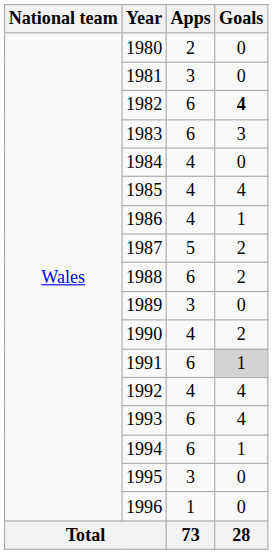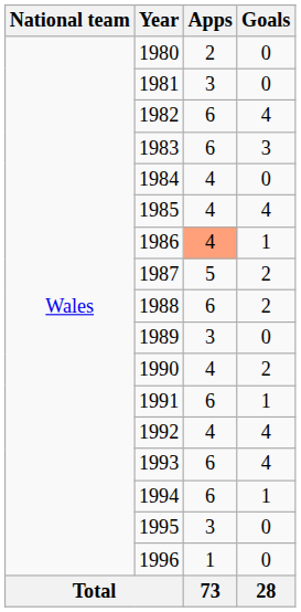 <table class="wikitable" style="text-align: center;">
 <tr>
 <th>National team</th>
 <th>Year</th>
 <th>Apps</th>
 <th>Goals</th>
 </tr>
 <tr>
 <td rowspan="17"><a href='#'>Wales</a></td>
 <td>1980</td>
 <td>2</td>
 <td>0</td>
 </tr>
 <tr>
 <td>1981</td>
 <td>3</td>
 <td>0</td>
 </tr>
 <tr>
 <td>1982</td>
 <td>6</td>
-<td><strong>4</strong></td>
+<td>4</td>
 </tr>
 <tr>
 <td>1983</td>
 <td>6</td>
 <td>3</td>
 </tr>
 <tr>
 <td>1984</td>
 <td>4</td>
 <td>0</td>
 </tr>
 <tr>
 <td>1985</td>
 <td>4</td>
 <td>4</td>
 </tr>
 <tr>
 <td>1986</td>
-<td>4</td>
+<td style="background: lightsalmon;">4</td>
 <td>1</td>
 </tr>
 <tr>
 <td>1987</td>
 <td>5</td>
 <td>2</td>
 </tr>
 <tr>
 <td>1988</td>
 <td>6</td>
 <td>2</td>
 </tr>
 <tr>
 <td>1989</td>
 <td>3</td>
 <td>0</td>
 </tr>
 <tr>
 <td>1990</td>
 <td>4</td>
 <td>2</td>
 </tr>
 <tr>
 <td>1991</td>
 <td>6</td>
-<td style="background: lightgrey;">1</td>
+<td>1</td>
 </tr>
 <tr>
 <td>1992</td>
 <td>4</td>
 <td>4</td>
 </tr>
 <tr>
 <td>1993</td>
 <td>6</td>
 <td>4</td>
 </tr>
 <tr>
 <td>1994</td>
 <td>6</td>
 <td>1</td>
 </tr>
 <tr>
 <td>1995</td>
 <td>3</td>
 <td>0</td>
 </tr>
 <tr>
 <td>1996</td>
 <td>1</td>
 <td>0</td>
 </tr>
 <tr>
 <th colspan="2">Total</th>
 <th>73</th>
 <th>28</th>
 </tr>
 </table>
